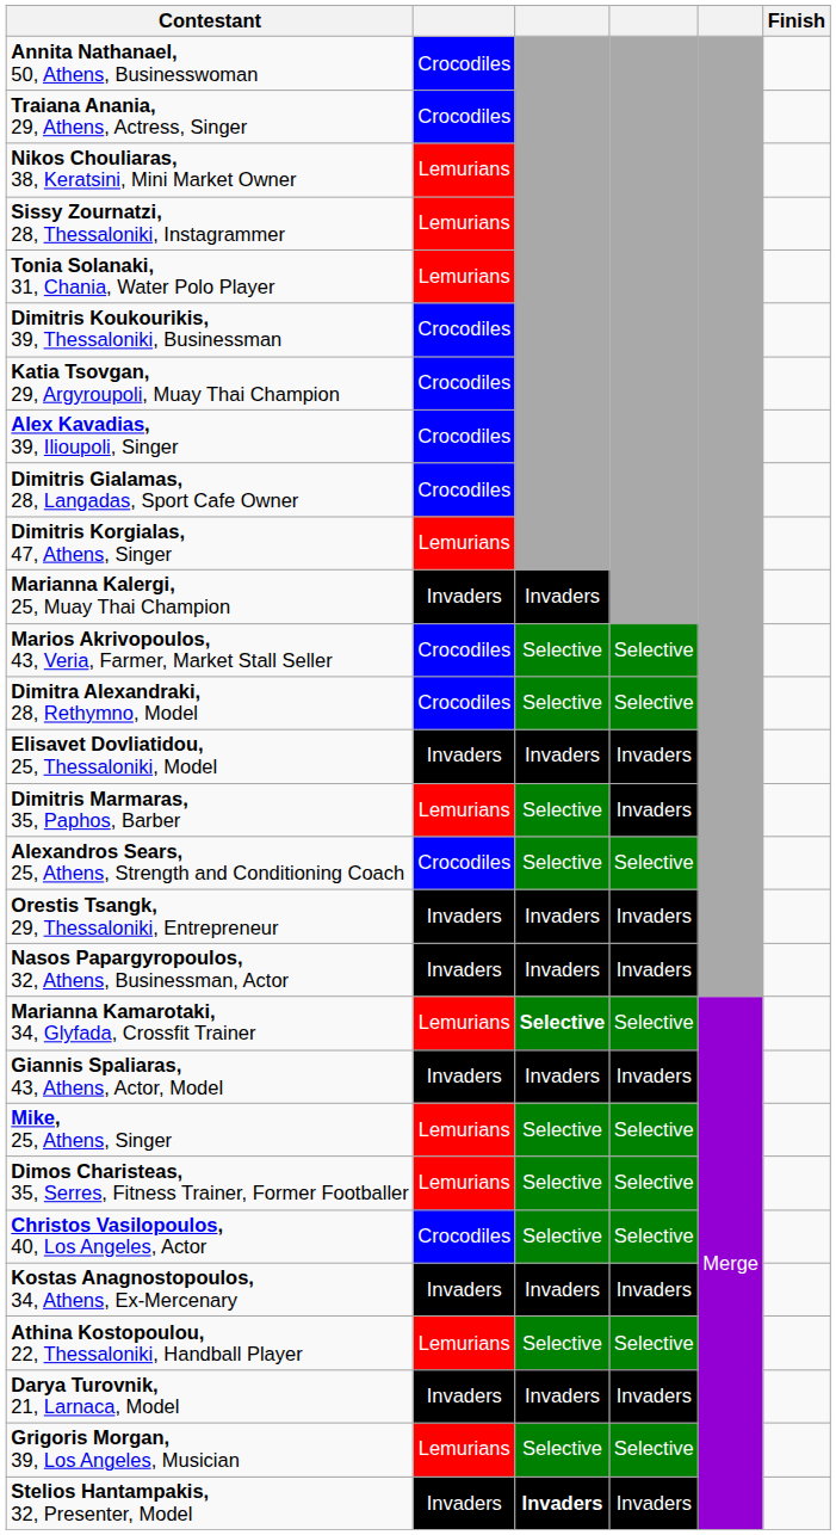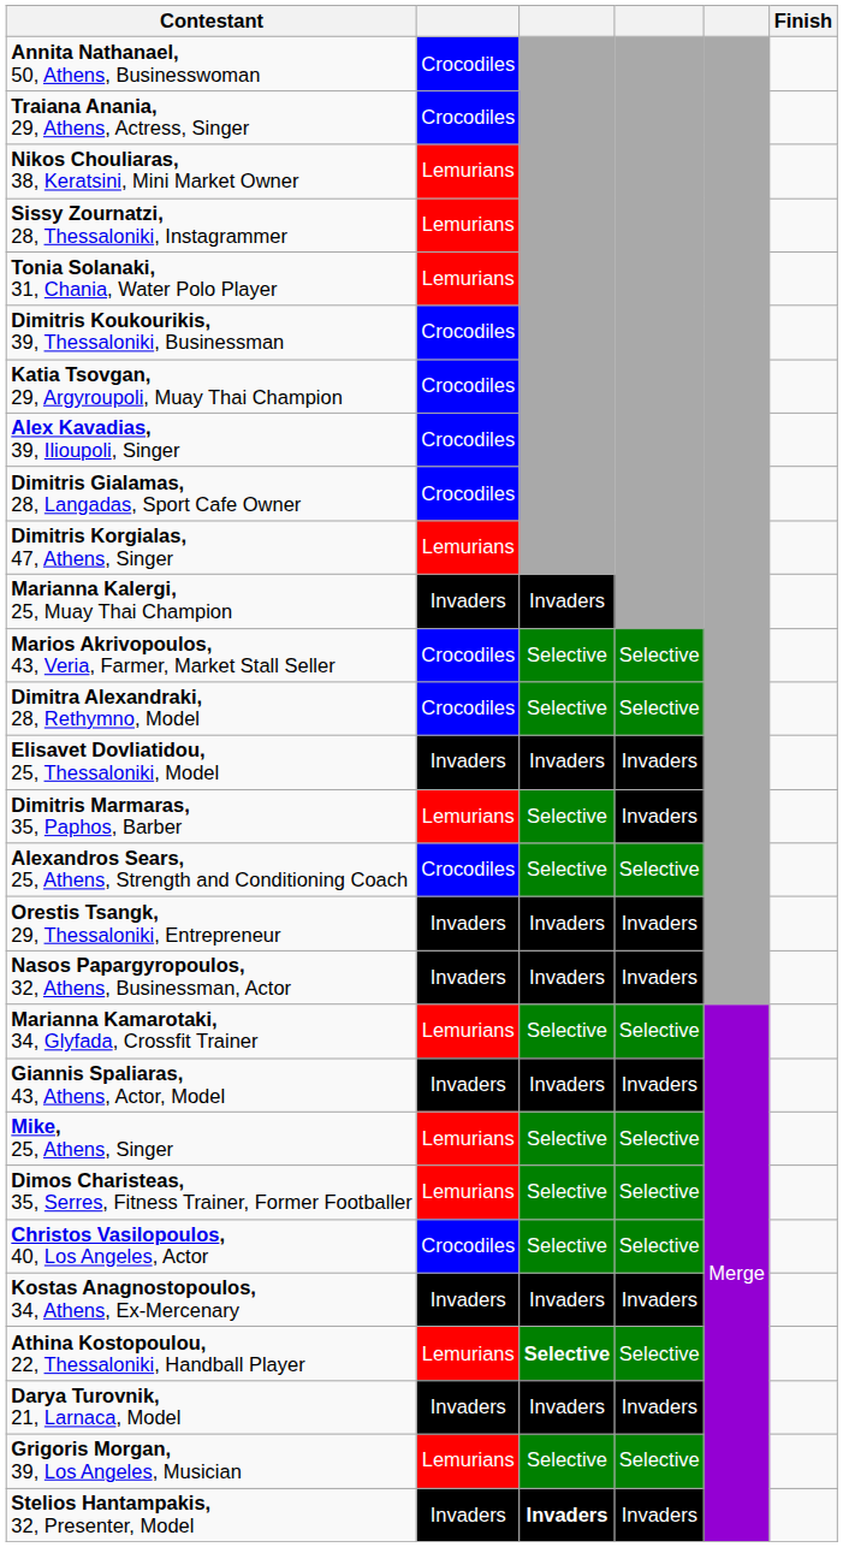 <table class="wikitable sortable" style="margin:auto; text-align:center">
 <tr>
 <th>Contestant</th>
 <th></th>
 <th></th>
 <th></th>
 <th></th>
 <th>Finish</th>
 </tr>
 <tr>
 <td align="left"><strong>Annita Nathanael,</strong> <br>50, <a href='#'>Athens</a>, Businesswoman<br></td>
 <td style="background: Blue; color: white; text-align: center;">Crocodiles</td>
 <td bgcolor="darkgray" rowspan="10"></td>
 <td bgcolor="darkgray" rowspan="11"></td>
 <td bgcolor="darkgray" rowspan="18"></td>
 <td></td>
 </tr>
 <tr>
 <td align="left"><strong>Traiana Anania,</strong> <br>29, <a href='#'>Athens</a>, Actress, Singer<br></td>
 <td style="background: Blue; color: white; text-align: center;">Crocodiles</td>
 <td></td>
 </tr>
 <tr>
 <td align="left"><strong>Nikos Chouliaras,</strong> <br>38, <a href='#'>Keratsini</a>, Mini Market Owner<br></td>
 <td style="background: Red; color: white; text-align: center;">Lemurians</td>
 <td></td>
 </tr>
 <tr>
 <td align="left"><strong>Sissy Zournatzi,</strong> <br>28, <a href='#'>Thessaloniki</a>, Instagrammer<br></td>
 <td style="background: Red; color: white; text-align: center;">Lemurians</td>
 <td></td>
 </tr>
 <tr>
 <td align="left"><strong>Tonia Solanaki,</strong> <br>31, <a href='#'>Chania</a>, Water Polo Player<br></td>
 <td style="background: Red; color: white; text-align: center;">Lemurians</td>
 <td></td>
 </tr>
 <tr>
 <td align="left"><strong>Dimitris Koukourikis,</strong> <br>39, <a href='#'>Thessaloniki</a>, Businessman<br></td>
 <td style="background: Blue; color: white; text-align: center;">Crocodiles</td>
 <td></td>
 </tr>
 <tr>
 <td align="left"><strong>Katia Tsovgan,</strong> <br>29, <a href='#'>Argyroupoli</a>, Muay Thai Champion<br></td>
 <td style="background: Blue; color: white; text-align: center;">Crocodiles</td>
 <td></td>
 </tr>
 <tr>
 <td align="left"><strong><a href='#'>Alex Kavadias</a>,</strong> <br>39, <a href='#'>Ilioupoli</a>, Singer<br></td>
 <td style="background: Blue; color: white; text-align: center;">Crocodiles</td>
 <td></td>
 </tr>
 <tr>
 <td align="left"><strong>Dimitris Gialamas,</strong> <br>28, <a href='#'>Langadas</a>, Sport Cafe Owner<br></td>
 <td style="background: Blue; color: white; text-align: center;">Crocodiles</td>
 <td></td>
 </tr>
 <tr>
 <td align="left"><strong>Dimitris Korgialas,</strong> <br>47, <a href='#'>Athens</a>, Singer<br></td>
 <td style="background: Red; color: white; text-align: center;">Lemurians</td>
 <td></td>
 </tr>
 <tr>
 <td align="left"><strong>Marianna Kalergi,</strong>  <br>25, Muay Thai Champion<br></td>
 <td style="background: Black; color: white; text-align: center;">Invaders</td>
 <td style="background: Black; color: white; text-align: center;">Invaders</td>
 <td></td>
 </tr>
 <tr>
 <td align="left"><strong>Marios Akrivopoulos,</strong> <br>43, <a href='#'>Veria</a>, Farmer, Market Stall Seller<br></td>
 <td style="background: Blue; color: white; text-align: center;">Crocodiles</td>
 <td style="background: Green; color: white; text-align: center;">Selective</td>
 <td style="background: Green; color: white; text-align: center;">Selective</td>
 <td></td>
 </tr>
 <tr>
 <td align="left"><strong>Dimitra Alexandraki,</strong> <br>28, <a href='#'>Rethymno</a>, Model<br></td>
 <td style="background: Blue; color: white; text-align: center;">Crocodiles</td>
 <td style="background: Green; color: white; text-align: center;">Selective</td>
 <td style="background: Green; color: white; text-align: center;">Selective</td>
 <td></td>
 </tr>
 <tr>
 <td align="left"><strong>Elisavet Dovliatidou,</strong>  <br>25, <a href='#'>Thessaloniki</a>, Model<br></td>
 <td style="background: Black; color: white; text-align: center;">Invaders</td>
 <td style="background: Black; color: white; text-align: center;">Invaders</td>
 <td style="background: Black; color: white; text-align: center;">Invaders</td>
 <td></td>
 </tr>
 <tr>
 <td align="left"><strong>Dimitris Marmaras,</strong> <br>35, <a href='#'>Paphos</a>, Barber<br></td>
 <td style="background: Red; color: white; text-align: center;">Lemurians</td>
 <td style="background: Green; color: white; text-align: center;">Selective</td>
 <td style="background: Black; color: white; text-align: center;">Invaders</td>
 <td></td>
 </tr>
 <tr>
 <td align="left"><strong>Alexandros Sears,</strong> <br>25, <a href='#'>Athens</a>, Strength and Conditioning Coach<br></td>
 <td style="background: Blue; color: white; text-align: center;">Crocodiles</td>
 <td style="background: Green; color: white; text-align: center;">Selective</td>
 <td style="background: Green; color: white; text-align: center;">Selective</td>
 <td></td>
 </tr>
 <tr>
 <td align="left"><strong>Orestis Tsangk,</strong>  <br>29, <a href='#'>Thessaloniki</a>, Entrepreneur<br></td>
 <td style="background: Black; color: white; text-align: center;">Invaders</td>
 <td style="background: Black; color: white; text-align: center;">Invaders</td>
 <td style="background: Black; color: white; text-align: center;">Invaders</td>
 <td></td>
 </tr>
 <tr>
 <td align="left"><strong>Nasos Papargyropoulos,</strong>  <br>32, <a href='#'>Athens</a>, Βusinessman, Actor<br></td>
 <td style="background: Black; color: white; text-align: center;">Invaders</td>
 <td style="background: Black; color: white; text-align: center;">Invaders</td>
 <td style="background: Black; color: white; text-align: center;">Invaders</td>
 <td></td>
 </tr>
 <tr>
 <td align="left"><strong>Marianna Kamarotaki,</strong> <br>34, <a href='#'>Glyfada</a>, Crossfit Trainer<br></td>
 <td style="background: Red; color: white; text-align: center;">Lemurians</td>
-<td style="background: Green; color: white; text-align: center;"><strong>Selective</strong></td>
+<td style="background: Green; color: white; text-align: center;">Selective</td>
 <td style="background: Green; color: white; text-align: center;">Selective</td>
 <td rowspan=12 style="background: DarkViolet; color: white; text-align: center;">Merge</td>
 <td></td>
 </tr>
 <tr>
 <td align="left"><strong>Giannis Spaliaras,</strong>  <br>43, <a href='#'>Athens</a>, Actor, Model<br></td>
 <td style="background: Black; color: white; text-align: center;">Invaders</td>
 <td style="background: Black; color: white; text-align: center;">Invaders</td>
 <td style="background: Black; color: white; text-align: center;">Invaders</td>
 <td></td>
 </tr>
 <tr>
 <td align="left"><strong><a href='#'>Mike</a>,</strong> <br>25, <a href='#'>Athens</a>, Singer<br></td>
 <td style="background: Red; color: white; text-align: center;">Lemurians</td>
 <td style="background: Green; color: white; text-align: center;">Selective</td>
 <td style="background: Green; color: white; text-align: center;">Selective</td>
 <td></td>
 </tr>
 <tr>
 <td align="left"><strong>Dimos Charisteas,</strong> <br>35, <a href='#'>Serres</a>, Fitness Trainer, Former Footballer<br></td>
 <td style="background: Red; color: white; text-align: center;">Lemurians</td>
 <td style="background: Green; color: white; text-align: center;">Selective</td>
 <td style="background: Green; color: white; text-align: center;">Selective</td>
 <td></td>
 </tr>
 <tr>
 <td align="left"><strong><a href='#'>Christos Vasilopoulos</a>,</strong> <br>40, <a href='#'>Los Angeles</a>, Actor<br></td>
 <td style="background: Blue; color: white; text-align: center;">Crocodiles</td>
 <td style="background: Green; color: white; text-align: center;">Selective</td>
 <td style="background: Green; color: white; text-align: center;">Selective</td>
 <td></td>
 </tr>
 <tr>
 <td align="left"><strong>Kostas Anagnostopoulos,</strong>  <br>34, <a href='#'>Athens</a>, Ex-Mercenary<br></td>
 <td style="background: Black; color: white; text-align: center;">Invaders</td>
 <td style="background: Black; color: white; text-align: center;">Invaders</td>
 <td style="background: Black; color: white; text-align: center;">Invaders</td>
 <td></td>
 </tr>
 <tr>
 <td align="left"><strong>Athina Kostopoulou,</strong> <br>22, <a href='#'>Thessaloniki</a>, Handball Player<br></td>
 <td style="background: Red; color: white; text-align: center;">Lemurians</td>
-<td style="background: Green; color: white; text-align: center;">Selective</td>
+<td style="background: Green; color: white; text-align: center;"><strong>Selective</strong></td>
 <td style="background: Green; color: white; text-align: center;">Selective</td>
 <td></td>
 </tr>
 <tr>
 <td align="left"><strong>Darya Turovnik,</strong>  <br>21, <a href='#'>Larnaca</a>, Model<br></td>
 <td style="background: Black; color: white; text-align: center;">Invaders</td>
 <td style="background: Black; color: white; text-align: center;">Invaders</td>
 <td style="background: Black; color: white; text-align: center;">Invaders</td>
 <td></td>
 </tr>
 <tr>
 <td align="left"><strong>Grigoris Morgan,</strong> <br>39, <a href='#'>Los Angeles</a>, Musician <br></td>
 <td style="background: Red; color: white; text-align: center;">Lemurians</td>
 <td style="background: Green; color: white; text-align: center;">Selective</td>
 <td style="background: Green; color: white; text-align: center;">Selective</td>
 <td></td>
 </tr>
 <tr>
 <td align="left"><strong>Stelios Hantampakis,</strong>  <br>32, Presenter, Model<br></td>
 <td style="background: Black; color: white; text-align: center;">Invaders</td>
 <td style="background: Black; color: white; text-align: center;"><strong>Invaders</strong></td>
 <td style="background: Black; color: white; text-align: center;">Invaders</td>
 <td></td>
 </tr>
 </table>
